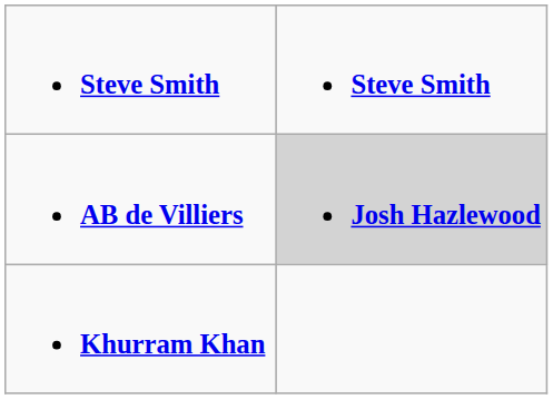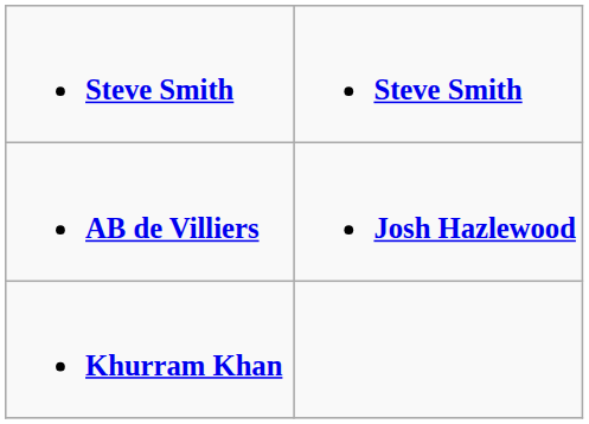 <table class=wikitable>
 <tr>
 <td valign="top" width="50%"><br><ul><li><strong> <a href='#'>Steve Smith</a></strong></li></ul></td>
 <td valign="top" width="50%"><br><ul><li><strong> <a href='#'>Steve Smith</a></strong></li></ul></td>
 </tr>
 <tr>
 <td valign="top" width="50%"><br><ul><li><strong> <a href='#'>AB de Villiers</a></strong></li></ul></td>
-<td valign="top" width="50%" style="background: lightgrey;"><br><ul><li><strong> <a href='#'>Josh Hazlewood</a></strong></li></ul></td>
+<td valign="top" width="50%"><br><ul><li><strong> <a href='#'>Josh Hazlewood</a></strong></li></ul></td>
 </tr>
 <tr>
 <td valign="top" width="50%"><br><ul><li><strong> <a href='#'>Khurram Khan</a></strong></li></ul></td>
 </tr>
 </table>
